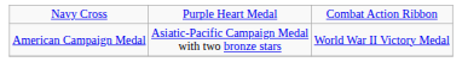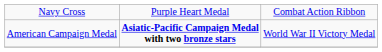 <table class="wikitable" style="margin:1em auto; text-align:center;">
 <tr>
 <td><a href='#'>Navy Cross</a></td>
 <td><a href='#'>Purple Heart Medal</a></td>
 <td><a href='#'>Combat Action Ribbon</a></td>
 </tr>
 <tr>
 <td><a href='#'>American Campaign Medal</a></td>
-<td><a href='#'>Asiatic-Pacific Campaign Medal</a><br>with two <a href='#'> bronze stars</a></td>
+<td><strong><a href='#'>Asiatic-Pacific Campaign Medal</a><br>with two <a href='#'> bronze stars</a></strong></td>
 <td><a href='#'>World War II Victory Medal</a></td>
 </tr>
 <tr>
 </tr>
 </table>
